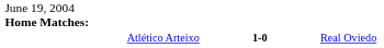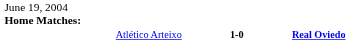 <table width=100% cellspacing=1>
 <tr>
 <th width=20%></th>
 <th width=12%></th>
 <th width=20%></th>
 <th></th>
 </tr>
 <tr>
 <td>June 19, 2004<br><strong>Home Matches:</strong></td>
 </tr>
 <tr style=font-size:90%>
 <td align=right><a href='#'>Atlético Arteixo</a></td>
 <td align=center><strong>1-0</strong></td>
-<td><a href='#'>Real Oviedo</a></td>
+<td><strong><a href='#'>Real Oviedo</a></strong></td>
 </tr>
 </table>
